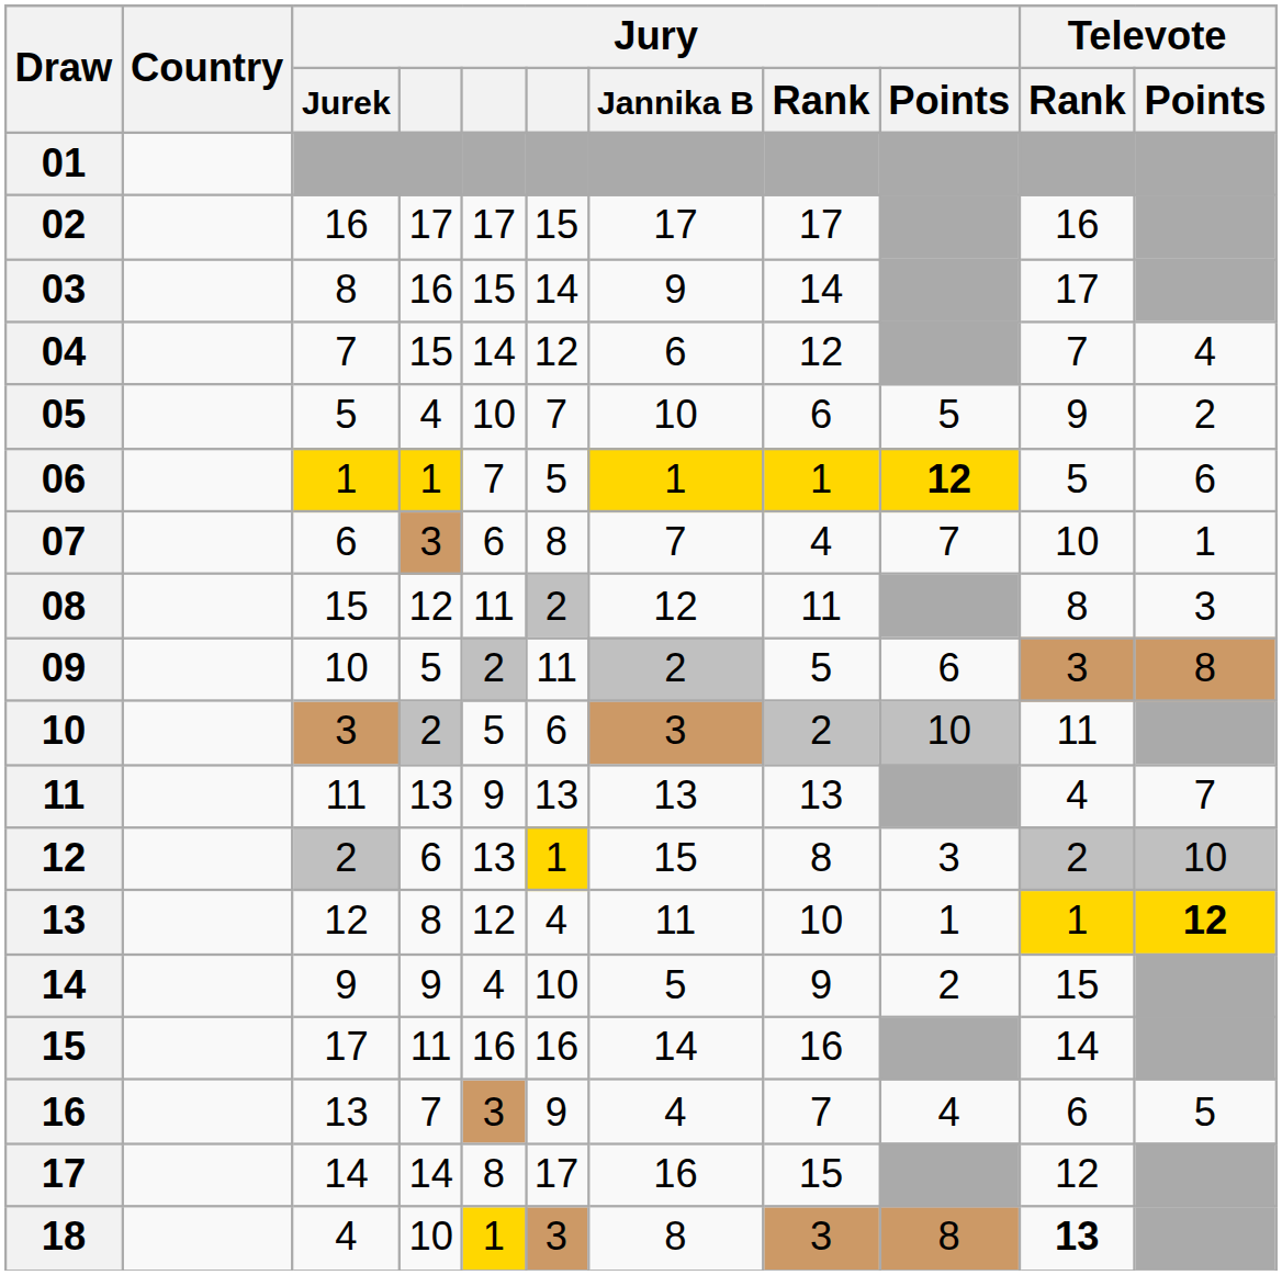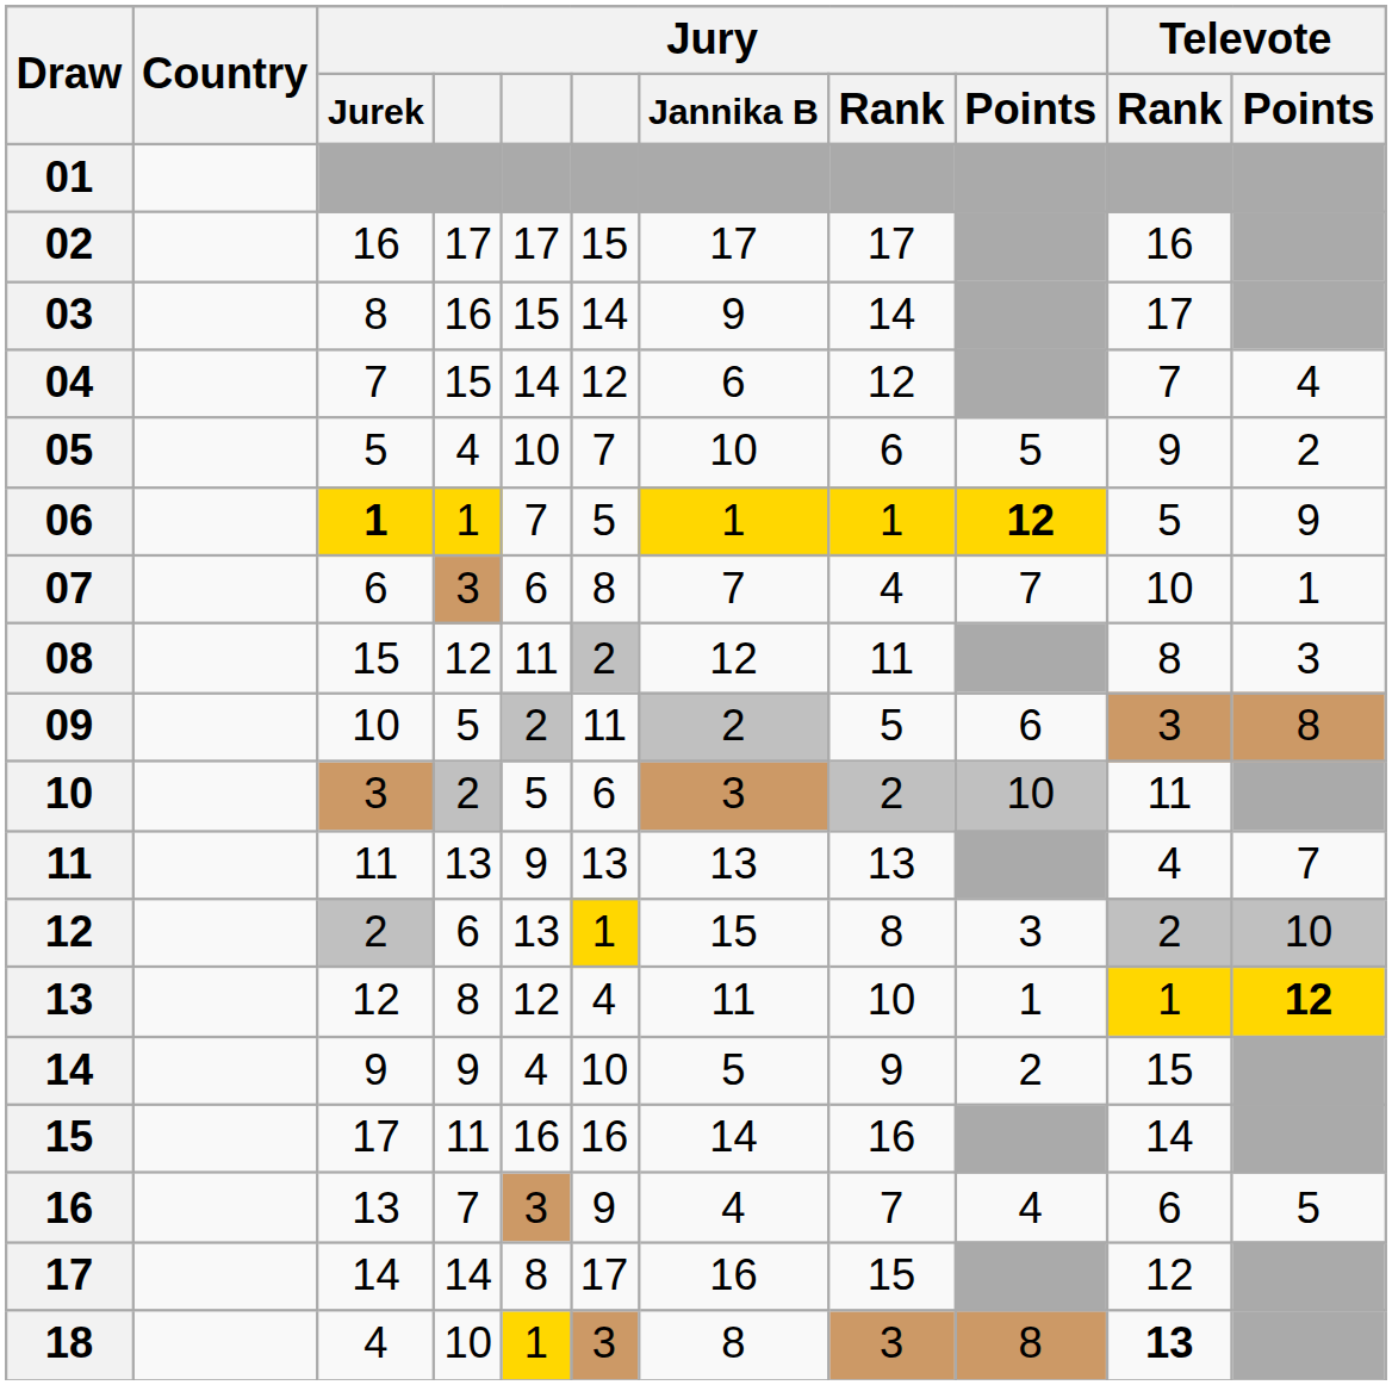 <table class="sortable wikitable collapsible plainrowheaders" style="text-align:center;">
 <tr>
 </tr>
 <tr>
 <th scope="col" rowspan="2">Draw</th>
 <th scope="col" rowspan="2">Country</th>
 <th scope="col" colspan="7">Jury</th>
 <th scope="col" colspan="2">Televote</th>
 </tr>
 <tr>
 <th scope="col"><small>Jurek</small></th>
 <th scope="col"><small></small></th>
 <th scope="col"><small></small></th>
 <th scope="col"><small></small></th>
 <th scope="col"><small>Jannika B</small></th>
 <th scope="col">Rank</th>
 <th scope="col">Points</th>
 <th scope="col">Rank</th>
 <th scope="col">Points</th>
 </tr>
 <tr class="sortbottom">
 <th scope="row" style="text-align:center;">01</th>
 <td style="text-align:left;"></td>
 <td style="background:#AAAAAA;"></td>
 <td style="background:#AAAAAA;"></td>
 <td style="background:#AAAAAA;"></td>
 <td style="background:#AAAAAA;"></td>
 <td style="background:#AAAAAA;"></td>
 <td style="background:#AAAAAA;"></td>
 <td style="background:#AAAAAA;"></td>
 <td style="background:#AAAAAA;"></td>
 <td style="background:#AAAAAA;"></td>
 </tr>
 <tr>
 <th scope="row" style="text-align:center;">02</th>
 <td style="text-align:left;"></td>
 <td>16</td>
 <td>17</td>
 <td>17</td>
 <td>15</td>
 <td>17</td>
 <td>17</td>
 <td style="background:#AAAAAA;"></td>
 <td>16</td>
 <td style="background:#AAAAAA;"></td>
 </tr>
 <tr>
 <th scope="row" style="text-align:center;">03</th>
 <td style="text-align:left;"></td>
 <td>8</td>
 <td>16</td>
 <td>15</td>
 <td>14</td>
 <td>9</td>
 <td>14</td>
 <td style="background:#AAAAAA;"></td>
 <td>17</td>
 <td style="background:#AAAAAA;"></td>
 </tr>
 <tr>
 <th scope="row" style="text-align:center;">04</th>
 <td style="text-align:left;"></td>
 <td>7</td>
 <td>15</td>
 <td>14</td>
 <td>12</td>
 <td>6</td>
 <td>12</td>
 <td style="background:#AAAAAA;"></td>
 <td>7</td>
 <td>4</td>
 </tr>
 <tr>
 <th scope="row" style="text-align:center;">05</th>
 <td style="text-align:left;"></td>
 <td>5</td>
 <td>4</td>
 <td>10</td>
 <td>7</td>
 <td>10</td>
 <td>6</td>
 <td>5</td>
 <td>9</td>
 <td>2</td>
 </tr>
 <tr>
 <th scope="row" style="text-align:center;">06</th>
 <td style="text-align:left;"></td>
-<td style="background:gold;">1</td>
+<td style="background:gold;"><strong>1</strong></td>
 <td style="background:gold;">1</td>
 <td>7</td>
 <td>5</td>
 <td style="background:gold;">1</td>
 <td style="background:gold;">1</td>
 <td style="background:gold;"><strong>12</strong></td>
 <td>5</td>
-<td>6</td>
+<td>9</td>
 </tr>
 <tr>
 <th scope="row" style="text-align:center;">07</th>
 <td style="text-align:left;"></td>
 <td>6</td>
 <td style="background:#CC9966;">3</td>
 <td>6</td>
 <td>8</td>
 <td>7</td>
 <td>4</td>
 <td>7</td>
 <td>10</td>
 <td>1</td>
 </tr>
 <tr>
 <th scope="row" style="text-align:center;">08</th>
 <td style="text-align:left;"></td>
 <td>15</td>
 <td>12</td>
 <td>11</td>
 <td style="background:silver;">2</td>
 <td>12</td>
 <td>11</td>
 <td style="background:#AAAAAA;"></td>
 <td>8</td>
 <td>3</td>
 </tr>
 <tr>
 <th scope="row" style="text-align:center;">09</th>
 <td style="text-align:left;"></td>
 <td>10</td>
 <td>5</td>
 <td style="background:silver;">2</td>
 <td>11</td>
 <td style="background:silver;">2</td>
 <td>5</td>
 <td>6</td>
 <td style="background:#CC9966;">3</td>
 <td style="background:#CC9966;">8</td>
 </tr>
 <tr>
 <th scope="row" style="text-align:center;">10</th>
 <td style="text-align:left;"></td>
 <td style="background:#CC9966;">3</td>
 <td style="background:silver;">2</td>
 <td>5</td>
 <td>6</td>
 <td style="background:#CC9966;">3</td>
 <td style="background:silver;">2</td>
 <td style="background:silver;">10</td>
 <td>11</td>
 <td style="background:#AAAAAA;"></td>
 </tr>
 <tr>
 <th scope="row" style="text-align:center;">11</th>
 <td style="text-align:left;"></td>
 <td>11</td>
 <td>13</td>
 <td>9</td>
 <td>13</td>
 <td>13</td>
 <td>13</td>
 <td style="background:#AAAAAA;"></td>
 <td>4</td>
 <td>7</td>
 </tr>
 <tr>
 <th scope="row" style="text-align:center;">12</th>
 <td style="text-align:left;"></td>
 <td style="background:silver;">2</td>
 <td>6</td>
 <td>13</td>
 <td style="background:gold;">1</td>
 <td>15</td>
 <td>8</td>
 <td>3</td>
 <td style="background:silver;">2</td>
 <td style="background:silver;">10</td>
 </tr>
 <tr>
 <th scope="row" style="text-align:center;">13</th>
 <td style="text-align:left;"></td>
 <td>12</td>
 <td>8</td>
 <td>12</td>
 <td>4</td>
 <td>11</td>
 <td>10</td>
 <td>1</td>
 <td style="background:gold;">1</td>
 <td style="background:gold;"><strong>12</strong></td>
 </tr>
 <tr>
 <th scope="row" style="text-align:center;">14</th>
 <td style="text-align:left;"></td>
 <td>9</td>
 <td>9</td>
 <td>4</td>
 <td>10</td>
 <td>5</td>
 <td>9</td>
 <td>2</td>
 <td>15</td>
 <td style="background:#AAAAAA;"></td>
 </tr>
 <tr>
 <th scope="row" style="text-align:center;">15</th>
 <td style="text-align:left;"></td>
 <td>17</td>
 <td>11</td>
 <td>16</td>
 <td>16</td>
 <td>14</td>
 <td>16</td>
 <td style="background:#AAAAAA;"></td>
 <td>14</td>
 <td style="background:#AAAAAA;"></td>
 </tr>
 <tr>
 <th scope="row" style="text-align:center;">16</th>
 <td style="text-align:left;"></td>
 <td>13</td>
 <td>7</td>
 <td style="background:#CC9966;">3</td>
 <td>9</td>
 <td>4</td>
 <td>7</td>
 <td>4</td>
 <td>6</td>
 <td>5</td>
 </tr>
 <tr>
 <th scope="row" style="text-align:center;">17</th>
 <td style="text-align:left;"></td>
 <td>14</td>
 <td>14</td>
 <td>8</td>
 <td>17</td>
 <td>16</td>
 <td>15</td>
 <td style="background:#AAAAAA;"></td>
 <td>12</td>
 <td style="background:#AAAAAA;"></td>
 </tr>
 <tr>
 <th scope="row" style="text-align:center;">18</th>
 <td style="text-align:left;"></td>
 <td>4</td>
 <td>10</td>
 <td style="background:gold;">1</td>
 <td style="background:#CC9966;">3</td>
 <td>8</td>
 <td style="background:#CC9966;">3</td>
 <td style="background:#CC9966;">8</td>
 <td><strong>13</strong></td>
 <td style="background:#AAAAAA;"></td>
 </tr>
 </table>
